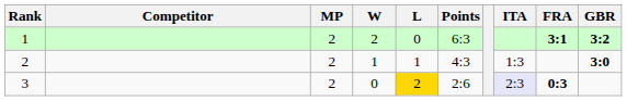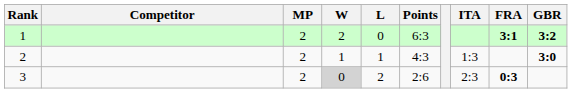 <table class="wikitable" style="text-align:center">
 <tr>
 <th>Rank</th>
 <th style="width:18em">Competitor</th>
 <th style="width:2.5em">MP</th>
 <th style="width:2.5em">W</th>
 <th style="width:2.5em">L</th>
 <th>Points</th>
 <th rowspan="4"> </th>
 <th style="width:2.5em">ITA</th>
 <th style="width:2.5em">FRA</th>
 <th style="width:2.5em">GBR</th>
 </tr>
 <tr style="background:#cfc;">
 <td>1</td>
 <td style="text-align:left"></td>
 <td>2</td>
 <td>2</td>
 <td>0</td>
 <td>6:3</td>
 <td></td>
 <td><strong>3:1</strong></td>
 <td><strong>3:2</strong></td>
 </tr>
 <tr>
 <td>2</td>
 <td style="text-align:left"></td>
 <td>2</td>
 <td>1</td>
 <td>1</td>
 <td>4:3</td>
 <td>1:3</td>
 <td></td>
 <td><strong>3:0</strong></td>
 </tr>
 <tr>
 <td>3</td>
 <td style="text-align:left"></td>
 <td>2</td>
-<td>0</td>
-<td style="background: gold;">2</td>
+<td style="background: lightgrey;">0</td>
+<td>2</td>
 <td>2:6</td>
-<td style="background: lavender;">2:3</td>
+<td>2:3</td>
 <td><strong>0:3</strong></td>
 <td></td>
 </tr>
 </table>
